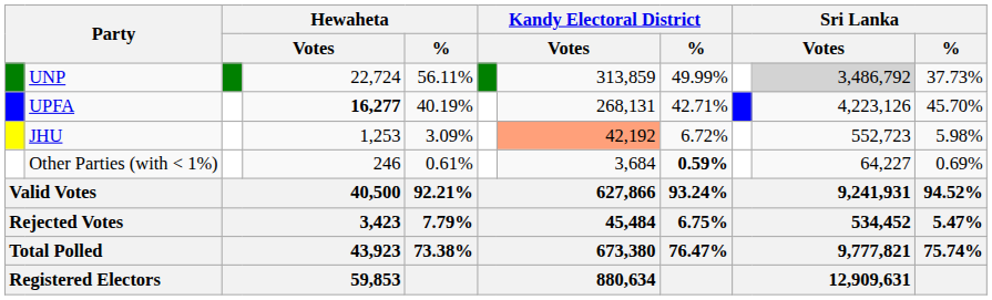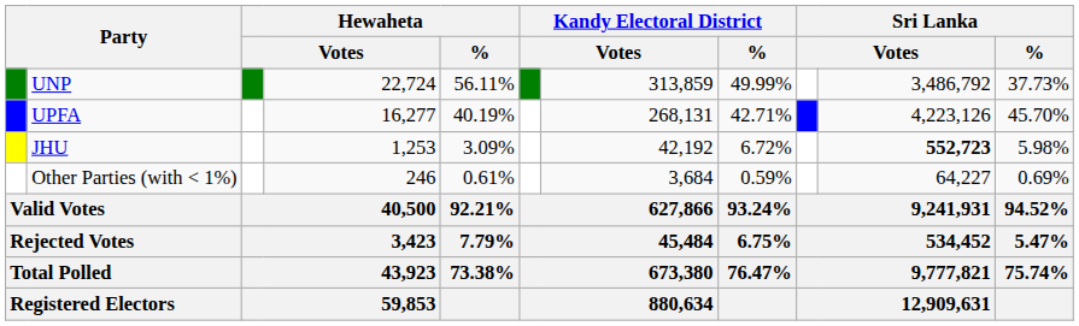 <table class="wikitable">
 <tr>
 <th colspan="2" width="144px"rowspan="2">Party</th>
 <th colspan="3" width="216px">Hewaheta</th>
 <th colspan="3" width="216px"><a href='#'>Kandy Electoral District</a></th>
 <th colspan="3" width="216px">Sri Lanka</th>
 </tr>
 <tr>
 <th colspan="2" width="144px">Votes</th>
 <th>%</th>
 <th colspan="2" width="144px">Votes</th>
 <th>%</th>
 <th colspan="2" width="144px">Votes</th>
 <th>%</th>
 </tr>
 <tr>
 <td style="background-color:green;" width="10px"></td>
 <td style="text-align:left;"><a href='#'>UNP</a></td>
 <td style="background-color:green;" width="10px"></td>
 <td style="text-align:right;">22,724</td>
 <td style="text-align:right;">56.11%</td>
 <td style="background-color:green;" width="10px"></td>
 <td style="text-align:right;">313,859</td>
 <td style="text-align:right;">49.99%</td>
 <td style="background-color:white;" width="10px"></td>
-<td style="background: lightgrey; text-align:right;">3,486,792</td>
+<td style="text-align:right;">3,486,792</td>
 <td style="text-align:right;">37.73%</td>
 </tr>
 <tr>
 <td style="background-color:blue;" width="10px"></td>
 <td style="text-align:left;"><a href='#'>UPFA</a></td>
 <td style="background-color:white;" width="10px"></td>
-<td style="text-align:right;"><strong>16,277</strong></td>
+<td style="text-align:right;">16,277</td>
 <td style="text-align:right;">40.19%</td>
 <td style="background-color:white;" width="10px"></td>
 <td style="text-align:right;">268,131</td>
 <td style="text-align:right;">42.71%</td>
 <td style="background-color:blue;" width="10px"></td>
 <td style="text-align:right;">4,223,126</td>
 <td style="text-align:right;">45.70%</td>
 </tr>
 <tr>
 <td style="background-color:yellow;" width="10px"></td>
 <td style="text-align:left;"><a href='#'>JHU</a></td>
 <td style="background-color:white;" width="10px"></td>
 <td style="text-align:right;">1,253</td>
 <td style="text-align:right;">3.09%</td>
 <td style="background-color:white;" width="10px"></td>
-<td style="background: lightsalmon; text-align:right;">42,192</td>
+<td style="text-align:right;">42,192</td>
 <td style="text-align:right;">6.72%</td>
 <td style="background-color:white;" width="10px"></td>
-<td style="text-align:right;">552,723</td>
+<td style="text-align:right;"><strong>552,723</strong></td>
 <td style="text-align:right;">5.98%</td>
 </tr>
 <tr>
 <td style="background-color:white;" width="10px"></td>
 <td style="text-align:left;">Other Parties (with < 1%)</td>
 <td style="background-color:white;" width="10px"></td>
 <td style="text-align:right;">246</td>
 <td style="text-align:right;">0.61%</td>
 <td style="background-color:white;" width="10px"></td>
 <td style="text-align:right;">3,684</td>
-<td style="text-align:right;"><strong>0.59%</strong></td>
+<td style="text-align:right;">0.59%</td>
 <td style="background-color:white;" width="10px"></td>
 <td style="text-align:right;">64,227</td>
 <td style="text-align:right;">0.69%</td>
 </tr>
 <tr>
 <th colspan="2" width="144px"style="text-align:left;">Valid Votes</th>
 <th style="text-align:right;"colspan="2" width="144px">40,500</th>
 <th style="text-align:right;">92.21%</th>
 <th style="text-align:right;"colspan="2" width="144px">627,866</th>
 <th style="text-align:right;">93.24%</th>
 <th style="text-align:right;"colspan="2" width="144px">9,241,931</th>
 <th style="text-align:right;">94.52%</th>
 </tr>
 <tr>
 <th colspan="2" width="144px"style="text-align:left;">Rejected Votes</th>
 <th style="text-align:right;"colspan="2" width="144px">3,423</th>
 <th style="text-align:right;">7.79%</th>
 <th style="text-align:right;"colspan="2" width="144px">45,484</th>
 <th style="text-align:right;">6.75%</th>
 <th style="text-align:right;"colspan="2" width="144px">534,452</th>
 <th style="text-align:right;">5.47%</th>
 </tr>
 <tr>
 <th colspan="2" width="144px"style="text-align:left;">Total Polled</th>
 <th style="text-align:right;"colspan="2" width="144px">43,923</th>
 <th style="text-align:right;">73.38%</th>
 <th style="text-align:right;"colspan="2" width="144px">673,380</th>
 <th style="text-align:right;">76.47%</th>
 <th style="text-align:right;"colspan="2" width="144px">9,777,821</th>
 <th style="text-align:right;">75.74%</th>
 </tr>
 <tr>
 <th colspan="2" width="144px"style="text-align:left;">Registered Electors</th>
 <th style="text-align:right;"colspan="2" width="144px">59,853</th>
 <th></th>
 <th style="text-align:right;"colspan="2" width="144px">880,634</th>
 <th></th>
 <th style="text-align:right;"colspan="2" width="144px">12,909,631</th>
 <th></th>
 </tr>
 </table>
